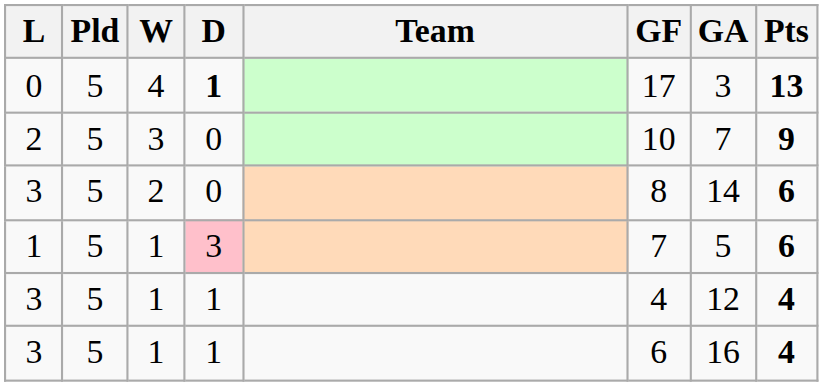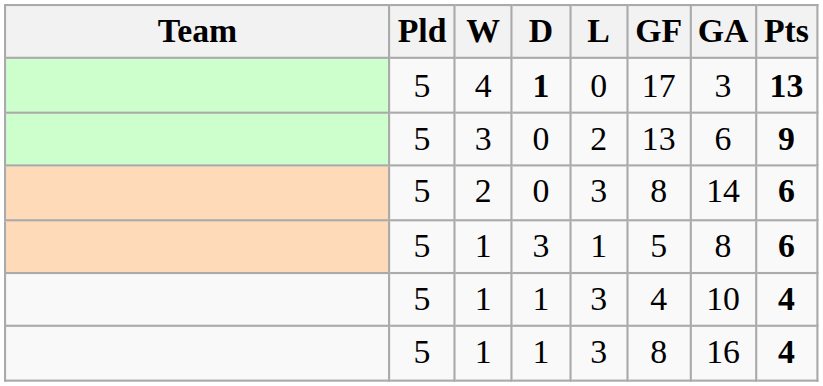 <table class="wikitable" style="text-align:center">
 <tr>
-<th width=20>L</th>
+<th width=175>Team</th>
 <th width=20>Pld</th>
 <th width=20>W</th>
 <th width=20>D</th>
-<th width=175>Team</th>
+<th width=20>L</th>
 <th width=20>GF</th>
 <th width=20>GA</th>
 <th width=20>Pts</th>
 </tr>
 <tr>
-<td>0</td>
+<td style="text-align:left; background:#cfc;"></td>
 <td>5</td>
 <td>4</td>
 <td><strong>1</strong></td>
-<td style="text-align:left; background:#cfc;"></td>
+<td>0</td>
 <td>17</td>
 <td>3</td>
 <td><strong>13</strong></td>
 </tr>
 <tr>
-<td>2</td>
+<td style="text-align:left; background:#cfc;"></td>
 <td>5</td>
 <td>3</td>
 <td>0</td>
-<td style="text-align:left; background:#cfc;"></td>
-<td>10</td>
-<td>7</td>
+<td>2</td>
+<td>13</td>
+<td>6</td>
 <td><strong>9</strong></td>
 </tr>
 <tr>
-<td>3</td>
+<td style="text-align:left; background:#ffdab9;"></td>
 <td>5</td>
 <td>2</td>
 <td>0</td>
-<td style="text-align:left; background:#ffdab9;"></td>
+<td>3</td>
 <td>8</td>
 <td>14</td>
 <td><strong>6</strong></td>
 </tr>
 <tr>
+<td style="text-align:left; background:#ffdab9;"></td>
+<td>5</td>
+<td>1</td>
+<td>3</td>
 <td>1</td>
 <td>5</td>
-<td>1</td>
-<td style="background: pink;">3</td>
-<td style="text-align:left; background:#ffdab9;"></td>
-<td>7</td>
-<td>5</td>
+<td>8</td>
 <td><strong>6</strong></td>
 </tr>
 <tr>
-<td>3</td>
+<td align=left></td>
 <td>5</td>
 <td>1</td>
 <td>1</td>
-<td align=left></td>
+<td>3</td>
 <td>4</td>
-<td>12</td>
+<td>10</td>
 <td><strong>4</strong></td>
 </tr>
 <tr>
-<td>3</td>
+<td align=left></td>
 <td>5</td>
 <td>1</td>
 <td>1</td>
-<td align=left></td>
-<td>6</td>
+<td>3</td>
+<td>8</td>
 <td>16</td>
 <td><strong>4</strong></td>
 </tr>
 </table>
